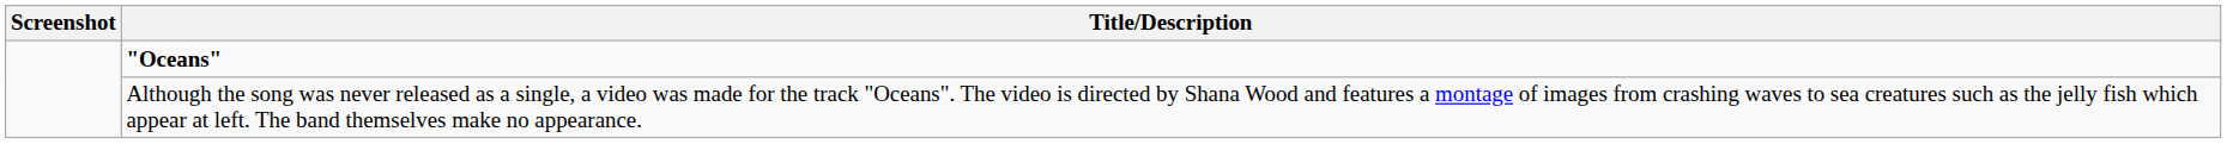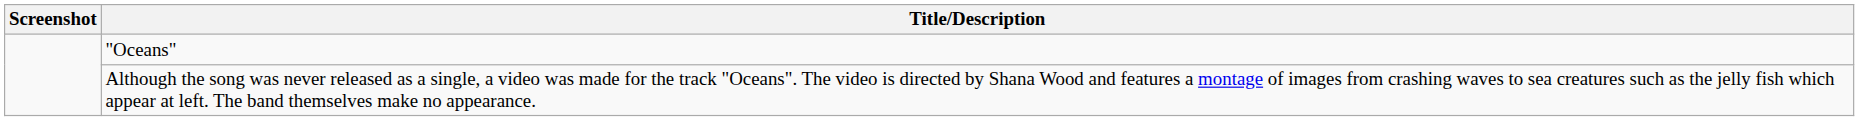 <table class="wikitable">
 <tr>
 <th>Screenshot</th>
 <th>Title/Description</th>
 </tr>
 <tr>
 <td rowspan="2"></td>
-<td><strong>"Oceans"</strong></td>
+<td>"Oceans"</td>
 </tr>
 <tr>
 <td>Although the song was never released as a single, a video was made for the track "Oceans". The video is directed by Shana Wood and features a <a href='#'>montage</a> of images from crashing waves to sea creatures such as the jelly fish which appear at left. The band themselves make no appearance.</td>
 </tr>
 </table>
